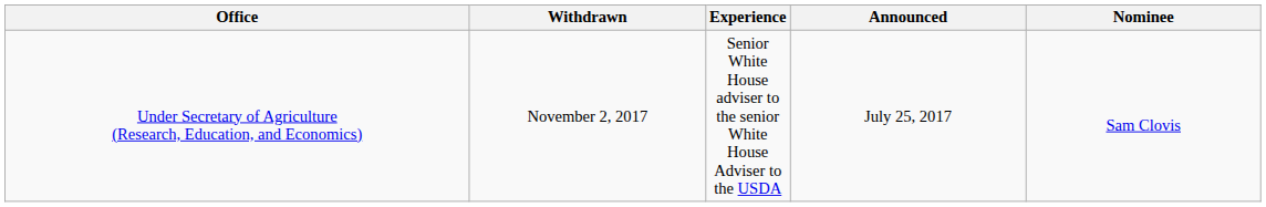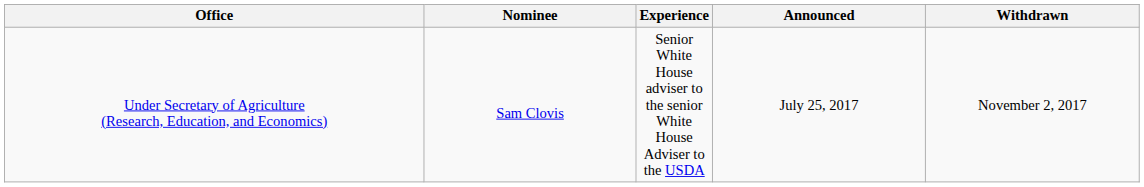 <table class="wikitable sortable" style="text-align:center">
 <tr>
 <th style="width:40%;">Office</th>
-<th style="width:20%;">Withdrawn</th>
+<th style="width:20%;">Nominee</th>
 <th>Experience</th>
 <th style="width:20%;">Announced</th>
-<th style="width:20%;">Nominee</th>
+<th style="width:20%;">Withdrawn</th>
 </tr>
 <tr>
 <td><br><a href='#'>Under Secretary of Agriculture<br>(Research, Education, and Economics)</a></td>
-<td>November 2, 2017</td>
+<td><br><a href='#'>Sam Clovis</a></td>
 <td>Senior White House adviser to the senior White House Adviser to the <a href='#'>USDA</a></td>
 <td>July 25, 2017</td>
-<td><br><a href='#'>Sam Clovis</a></td>
+<td>November 2, 2017</td>
 </tr>
 </table>
